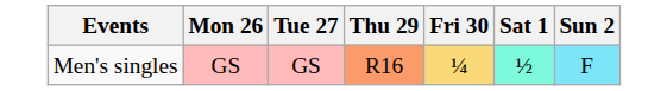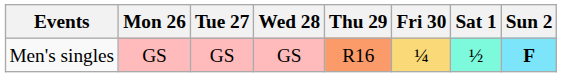 <table class="wikitable" style="margin:0.5em auto; font-size:90%; line-height:1.25em; text-align:center">
 <tr>
 <th>Events</th>
 <th>Mon 26</th>
 <th>Tue 27</th>
+<th>Wed 28</th>
 <th>Thu 29</th>
 <th>Fri 30</th>
 <th>Sat 1</th>
 <th>Sun 2</th>
 </tr>
 <tr>
 <td style="text-align:left;">Men's singles</td>
 <td style="background-color:#FFBBBB">GS</td>
 <td style="background-color:#FFBBBB">GS</td>
+<td style="background-color:#FFBBBB">GS</td>
 <td style="background-color:#FC9B6A">R16</td>
 <td style="background-color:#FAD978">¼</td>
 <td style="background-color:#7DFADB">½</td>
-<td style="background-color:#7DE5FA">F</td>
+<td style="background-color:#7DE5FA"><strong>F</strong></td>
 </tr>
 </table>
